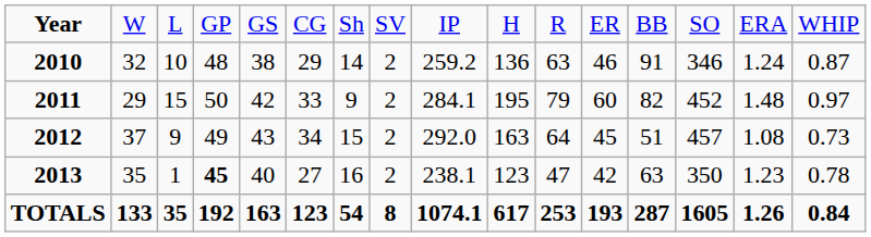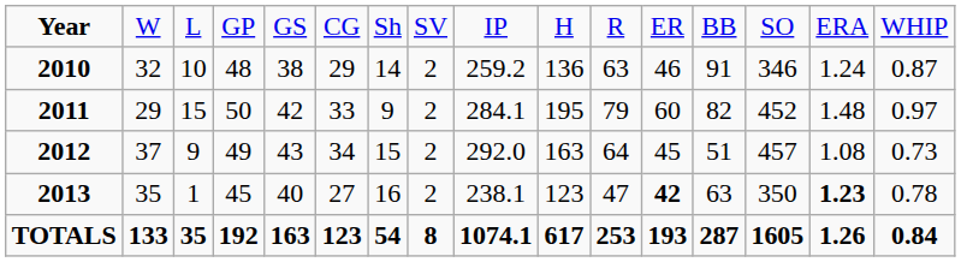 <table class="wikitable" style="text-align:center;">
 <tr>
 <td><strong>Year</strong></td>
 <td><a href='#'>W</a></td>
 <td><a href='#'>L</a></td>
 <td><a href='#'>GP</a></td>
 <td><a href='#'>GS</a></td>
 <td><a href='#'>CG</a></td>
 <td><a href='#'>Sh</a></td>
 <td><a href='#'>SV</a></td>
 <td><a href='#'>IP</a></td>
 <td><a href='#'>H</a></td>
 <td><a href='#'>R</a></td>
 <td><a href='#'>ER</a></td>
 <td><a href='#'>BB</a></td>
 <td><a href='#'>SO</a></td>
 <td><a href='#'>ERA</a></td>
 <td><a href='#'>WHIP</a></td>
 </tr>
 <tr>
 <td><strong>2010</strong></td>
 <td>32</td>
 <td>10</td>
 <td>48</td>
 <td>38</td>
 <td>29</td>
 <td>14</td>
 <td>2</td>
 <td>259.2</td>
 <td>136</td>
 <td>63</td>
 <td>46</td>
 <td>91</td>
 <td>346</td>
 <td>1.24</td>
 <td>0.87</td>
 </tr>
 <tr>
 <td><strong>2011</strong></td>
 <td>29</td>
 <td>15</td>
 <td>50</td>
 <td>42</td>
 <td>33</td>
 <td>9</td>
 <td>2</td>
 <td>284.1</td>
 <td>195</td>
 <td>79</td>
 <td>60</td>
 <td>82</td>
 <td>452</td>
 <td>1.48</td>
 <td>0.97</td>
 </tr>
 <tr>
 <td><strong>2012</strong></td>
 <td>37</td>
 <td>9</td>
 <td>49</td>
 <td>43</td>
 <td>34</td>
 <td>15</td>
 <td>2</td>
 <td>292.0</td>
 <td>163</td>
 <td>64</td>
 <td>45</td>
 <td>51</td>
 <td>457</td>
 <td>1.08</td>
 <td>0.73</td>
 </tr>
 <tr>
 <td><strong>2013</strong></td>
 <td>35</td>
 <td>1</td>
-<td><strong>45</strong></td>
+<td>45</td>
 <td>40</td>
 <td>27</td>
 <td>16</td>
 <td>2</td>
 <td>238.1</td>
 <td>123</td>
 <td>47</td>
-<td>42</td>
+<td><strong>42</strong></td>
 <td>63</td>
 <td>350</td>
-<td>1.23</td>
+<td><strong>1.23</strong></td>
 <td>0.78</td>
 </tr>
 <tr>
 <td><strong>TOTALS</strong></td>
 <td><strong>133</strong></td>
 <td><strong>35</strong></td>
 <td><strong>192</strong></td>
 <td><strong>163</strong></td>
 <td><strong>123</strong></td>
 <td><strong>54</strong></td>
 <td><strong>8</strong></td>
 <td><strong>1074.1</strong></td>
 <td><strong>617</strong></td>
 <td><strong>253</strong></td>
 <td><strong>193</strong></td>
 <td><strong>287</strong></td>
 <td><strong>1605</strong></td>
 <td><strong>1.26</strong></td>
 <td><strong>0.84</strong></td>
 </tr>
 </table>
